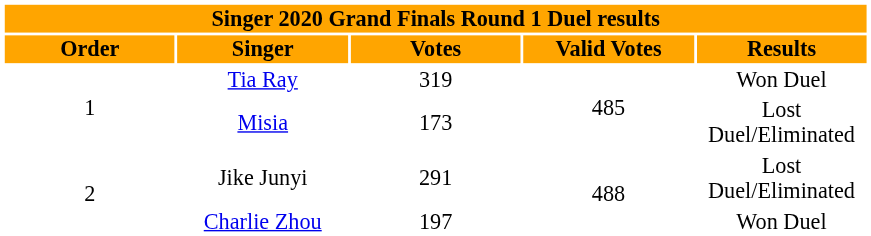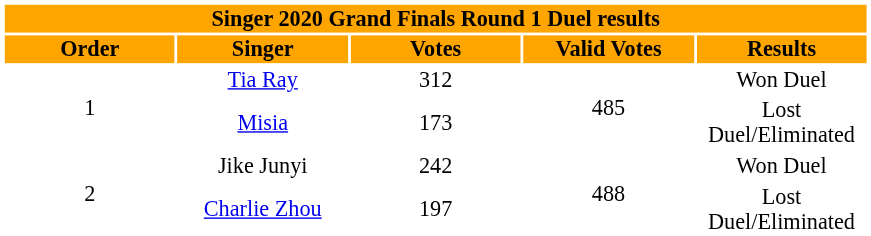 <table width="100%" style="text-align:center">
 <tr style="background:orange">
 <th colspan="5"><div>Singer 2020 Grand Finals Round 1 Duel results</div></th>
 </tr>
 <tr style="background:orange">
 <th style="width:20%">Order</th>
 <th style="width:20%">Singer</th>
 <th style="width:20%">Votes</th>
 <th style="width:20%">Valid Votes</th>
 <th style="width:20%">Results</th>
 </tr>
 <tr>
 <td rowspan=2>1</td>
 <td><a href='#'>Tia Ray</a></td>
-<td>319</td>
+<td>312</td>
 <td rowspan=2>485</td>
 <td>Won Duel</td>
 </tr>
 <tr>
 <td><a href='#'>Misia</a></td>
 <td>173</td>
 <td>Lost Duel/Eliminated</td>
 </tr>
 <tr>
 <td rowspan=2>2</td>
 <td>Jike Junyi</td>
-<td>291</td>
+<td>242</td>
 <td rowspan=2>488</td>
-<td>Lost Duel/Eliminated</td>
+<td>Won Duel</td>
 </tr>
 <tr>
 <td><a href='#'>Charlie Zhou</a></td>
 <td>197</td>
-<td>Won Duel</td>
+<td>Lost Duel/Eliminated</td>
 </tr>
 </table>
